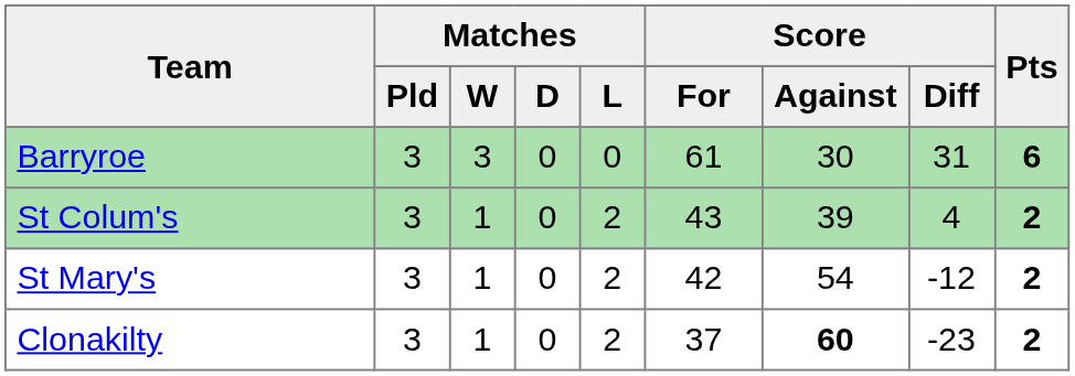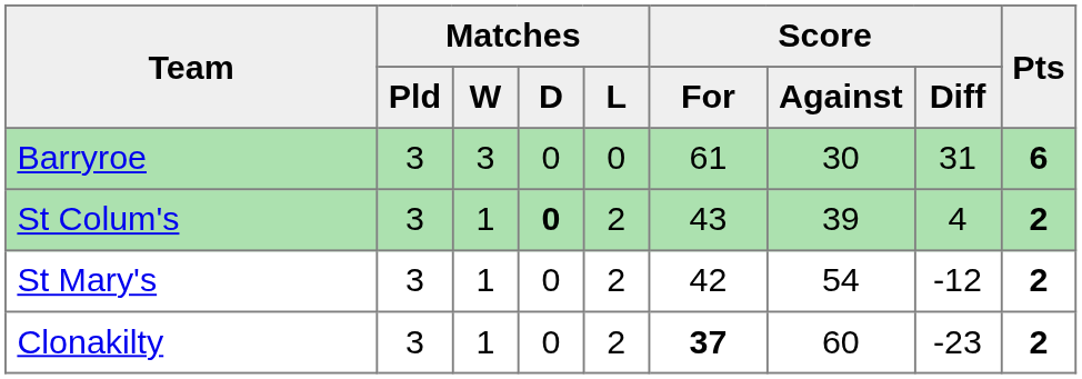 <table style=border-collapse:collapse border=1 cellspacing=0 cellpadding=5>
 <tr align=center bgcolor=#efefef>
 <th rowspan=2 width=165>Team</th>
 <th colspan=4>Matches</th>
 <th colspan=3>Score</th>
 <th rowspan=2width=20>Pts</th>
 </tr>
 <tr align=center bgcolor=#efefef>
 <th width=20>Pld</th>
 <th width=20>W</th>
 <th width=20>D</th>
 <th width=20>L</th>
 <th width=45>For</th>
 <th width=45>Against</th>
 <th width=30>Diff</th>
 </tr>
 <tr align=center style="background:#ACE1AF;">
 <td style="text-align:left;"><a href='#'>Barryroe</a></td>
 <td>3</td>
 <td>3</td>
 <td>0</td>
 <td>0</td>
 <td>61</td>
 <td>30</td>
 <td>31</td>
 <td><strong>6</strong></td>
 </tr>
 <tr align=center style="background:#ACE1AF;">
 <td style="text-align:left;"><a href='#'>St Colum's</a></td>
 <td>3</td>
 <td>1</td>
-<td>0</td>
+<td><strong>0</strong></td>
 <td>2</td>
 <td>43</td>
 <td>39</td>
 <td>4</td>
 <td><strong>2</strong></td>
 </tr>
 <tr align=center>
 <td style="text-align:left;"><a href='#'>St Mary's</a></td>
 <td>3</td>
 <td>1</td>
 <td>0</td>
 <td>2</td>
 <td>42</td>
 <td>54</td>
 <td>-12</td>
 <td><strong>2</strong></td>
 </tr>
 <tr align=center>
 <td style="text-align:left;"><a href='#'>Clonakilty</a></td>
 <td>3</td>
 <td>1</td>
 <td>0</td>
 <td>2</td>
-<td>37</td>
-<td><strong>60</strong></td>
+<td><strong>37</strong></td>
+<td>60</td>
 <td>-23</td>
 <td><strong>2</strong></td>
 </tr>
 </table>
